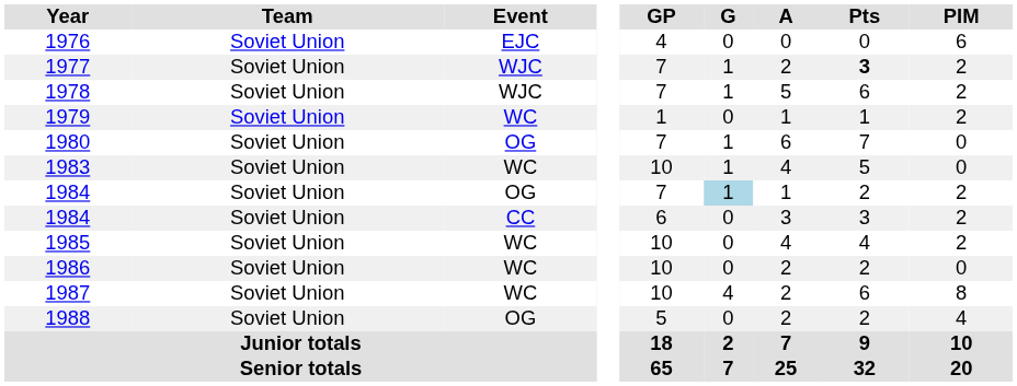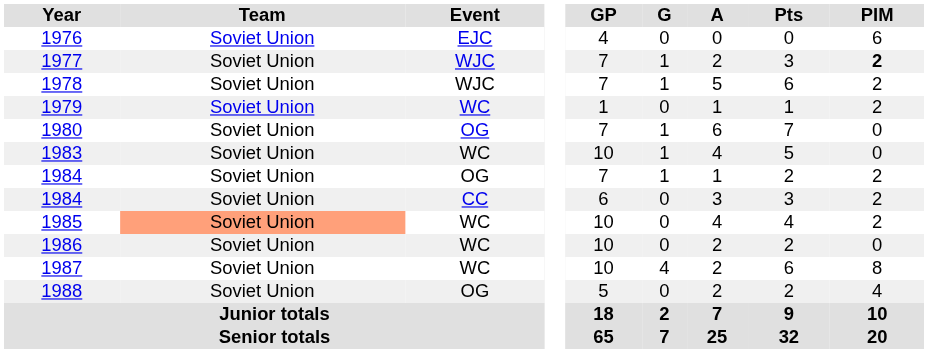 <table border="0" cellpadding="1" cellspacing="0" style="text-align:center; width:50em">
 <tr ALIGN="center" bgcolor="#e0e0e0">
 <th>Year</th>
 <th>Team</th>
 <th>Event</th>
 <th ALIGN="center" rowspan="99" bgcolor="#ffffff"> </th>
 <th>GP</th>
 <th>G</th>
 <th>A</th>
 <th>Pts</th>
 <th>PIM</th>
 </tr>
 <tr>
 <td><a href='#'>1976</a></td>
 <td><a href='#'>Soviet Union</a></td>
 <td><a href='#'>EJC</a></td>
 <td>4</td>
 <td>0</td>
 <td>0</td>
 <td>0</td>
 <td>6</td>
 </tr>
 <tr bgcolor="#f0f0f0">
 <td><a href='#'>1977</a></td>
 <td>Soviet Union</td>
 <td><a href='#'>WJC</a></td>
 <td>7</td>
 <td>1</td>
 <td>2</td>
-<td><strong>3</strong></td>
-<td>2</td>
+<td>3</td>
+<td><strong>2</strong></td>
 </tr>
 <tr>
 <td><a href='#'>1978</a></td>
 <td>Soviet Union</td>
 <td>WJC</td>
 <td>7</td>
 <td>1</td>
 <td>5</td>
 <td>6</td>
 <td>2</td>
 </tr>
 <tr bgcolor="#f0f0f0">
 <td><a href='#'>1979</a></td>
 <td><a href='#'>Soviet Union</a></td>
 <td><a href='#'>WC</a></td>
 <td>1</td>
 <td>0</td>
 <td>1</td>
 <td>1</td>
 <td>2</td>
 </tr>
 <tr>
 <td><a href='#'>1980</a></td>
 <td>Soviet Union</td>
 <td><a href='#'>OG</a></td>
 <td>7</td>
 <td>1</td>
 <td>6</td>
 <td>7</td>
 <td>0</td>
 </tr>
 <tr bgcolor="#f0f0f0">
 <td><a href='#'>1983</a></td>
 <td>Soviet Union</td>
 <td>WC</td>
 <td>10</td>
 <td>1</td>
 <td>4</td>
 <td>5</td>
 <td>0</td>
 </tr>
 <tr>
 <td><a href='#'>1984</a></td>
 <td>Soviet Union</td>
 <td>OG</td>
 <td>7</td>
-<td style="background: lightblue;">1</td>
+<td>1</td>
 <td>1</td>
 <td>2</td>
 <td>2</td>
 </tr>
 <tr bgcolor="#f0f0f0">
 <td><a href='#'>1984</a></td>
 <td>Soviet Union</td>
 <td><a href='#'>CC</a></td>
 <td>6</td>
 <td>0</td>
 <td>3</td>
 <td>3</td>
 <td>2</td>
 </tr>
 <tr>
 <td><a href='#'>1985</a></td>
-<td>Soviet Union</td>
+<td style="background: lightsalmon;">Soviet Union</td>
 <td>WC</td>
 <td>10</td>
 <td>0</td>
 <td>4</td>
 <td>4</td>
 <td>2</td>
 </tr>
 <tr bgcolor="#f0f0f0">
 <td><a href='#'>1986</a></td>
 <td>Soviet Union</td>
 <td>WC</td>
 <td>10</td>
 <td>0</td>
 <td>2</td>
 <td>2</td>
 <td>0</td>
 </tr>
 <tr>
 <td><a href='#'>1987</a></td>
 <td>Soviet Union</td>
 <td>WC</td>
 <td>10</td>
 <td>4</td>
 <td>2</td>
 <td>6</td>
 <td>8</td>
 </tr>
 <tr bgcolor="#f0f0f0">
 <td><a href='#'>1988</a></td>
 <td>Soviet Union</td>
 <td>OG</td>
 <td>5</td>
 <td>0</td>
 <td>2</td>
 <td>2</td>
 <td>4</td>
 </tr>
 <tr bgcolor="#e0e0e0">
 <th colspan=3>Junior totals</th>
 <th>18</th>
 <th>2</th>
 <th>7</th>
 <th>9</th>
 <th>10</th>
 </tr>
 <tr bgcolor="#e0e0e0">
 <th colspan=3>Senior totals</th>
 <th>65</th>
 <th>7</th>
 <th>25</th>
 <th>32</th>
 <th>20</th>
 </tr>
 </table>
